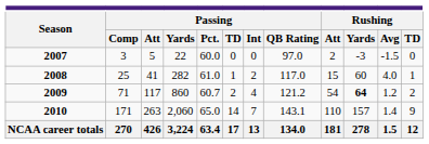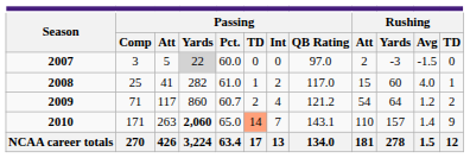 <table class=wikitable style="text-align:center;">
 <tr>
 <td ! colspan="12" style="background: #461D7C; border: 2px solid white; color:white;"></td>
 </tr>
 <tr>
 <th rowspan=2>Season</th>
 <th colspan=7>Passing</th>
 <th colspan=4>Rushing</th>
 </tr>
 <tr>
 <th>Comp</th>
 <th>Att</th>
 <th>Yards</th>
 <th>Pct.</th>
 <th>TD</th>
 <th>Int</th>
 <th>QB Rating</th>
 <th>Att</th>
 <th>Yards</th>
 <th>Avg</th>
 <th>TD</th>
 </tr>
 <tr>
 <td><strong>2007</strong></td>
 <td>3</td>
 <td>5</td>
-<td>22</td>
+<td style="background: lightgrey;">22</td>
 <td>60.0</td>
 <td>0</td>
 <td>0</td>
 <td>97.0</td>
 <td>2</td>
 <td>-3</td>
 <td>-1.5</td>
 <td>0</td>
 </tr>
 <tr>
 <td><strong>2008</strong></td>
 <td>25</td>
 <td>41</td>
 <td>282</td>
 <td>61.0</td>
 <td>1</td>
 <td>2</td>
 <td>117.0</td>
 <td>15</td>
 <td>60</td>
 <td>4.0</td>
 <td>1</td>
 </tr>
 <tr>
 <td><strong>2009</strong></td>
 <td>71</td>
 <td>117</td>
 <td>860</td>
 <td>60.7</td>
 <td>2</td>
 <td>4</td>
 <td>121.2</td>
 <td>54</td>
-<td><strong>64</strong></td>
+<td>64</td>
 <td>1.2</td>
 <td>2</td>
 </tr>
 <tr>
 <td><strong>2010</strong></td>
 <td>171</td>
 <td>263</td>
-<td>2,060</td>
+<td><strong>2,060</strong></td>
 <td>65.0</td>
-<td>14</td>
+<td style="background: lightsalmon;">14</td>
 <td>7</td>
 <td>143.1</td>
 <td>110</td>
 <td>157</td>
 <td>1.4</td>
 <td>9</td>
 </tr>
 <tr>
 <th>NCAA career totals</th>
 <th>270</th>
 <th>426</th>
 <th>3,224</th>
 <th>63.4</th>
 <th>17</th>
 <th>13</th>
 <th>134.0</th>
 <th>181</th>
 <th>278</th>
 <th>1.5</th>
 <th>12</th>
 </tr>
 </table>
